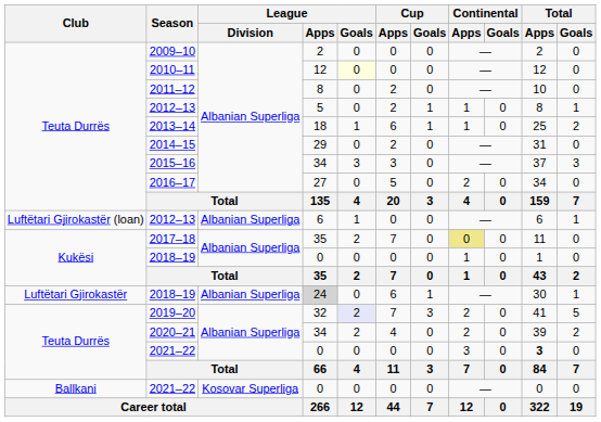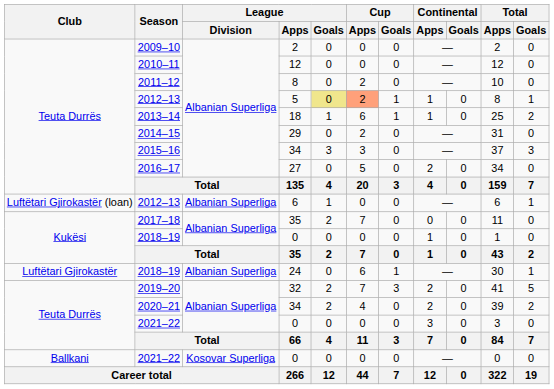 <table class="wikitable" style="text-align: center;">
 <tr>
 <th rowspan="2">Club</th>
 <th rowspan="2">Season</th>
 <th colspan="3">League</th>
 <th colspan="2">Cup</th>
 <th colspan="2">Continental</th>
 <th colspan="2">Total</th>
 </tr>
 <tr>
 <th>Division</th>
 <th>Apps</th>
 <th>Goals</th>
 <th>Apps</th>
 <th>Goals</th>
 <th>Apps</th>
 <th>Goals</th>
 <th>Apps</th>
 <th>Goals</th>
 </tr>
 <tr>
 <td rowspan="9"><a href='#'>Teuta Durrës</a></td>
 <td><a href='#'>2009–10</a></td>
 <td rowspan="8"><a href='#'>Albanian Superliga</a></td>
 <td>2</td>
 <td>0</td>
 <td>0</td>
 <td>0</td>
 <td colspan="2">—</td>
 <td>2</td>
 <td>0</td>
 </tr>
 <tr>
 <td><a href='#'>2010–11</a></td>
 <td>12</td>
-<td style="background: lightyellow;">0</td>
+<td>0</td>
 <td>0</td>
 <td>0</td>
 <td colspan="2">—</td>
 <td>12</td>
 <td>0</td>
 </tr>
 <tr>
 <td><a href='#'>2011–12</a></td>
 <td>8</td>
 <td>0</td>
 <td>2</td>
 <td>0</td>
 <td colspan="2">—</td>
 <td>10</td>
 <td>0</td>
 </tr>
 <tr>
 <td><a href='#'>2012–13</a></td>
 <td>5</td>
-<td>0</td>
-<td>2</td>
+<td style="background: khaki;">0</td>
+<td style="background: lightsalmon;">2</td>
 <td>1</td>
 <td>1</td>
 <td>0</td>
 <td>8</td>
 <td>1</td>
 </tr>
 <tr>
 <td><a href='#'>2013–14</a></td>
 <td>18</td>
 <td>1</td>
 <td>6</td>
 <td>1</td>
 <td>1</td>
 <td>0</td>
 <td>25</td>
 <td>2</td>
 </tr>
 <tr>
 <td><a href='#'>2014–15</a></td>
 <td>29</td>
 <td>0</td>
 <td>2</td>
 <td>0</td>
 <td colspan="2">—</td>
 <td>31</td>
 <td>0</td>
 </tr>
 <tr>
 <td><a href='#'>2015–16</a></td>
 <td>34</td>
 <td>3</td>
 <td>3</td>
 <td>0</td>
 <td colspan="2">—</td>
 <td>37</td>
 <td>3</td>
 </tr>
 <tr>
 <td><a href='#'>2016–17</a></td>
 <td>27</td>
 <td>0</td>
 <td>5</td>
 <td>0</td>
 <td>2</td>
 <td>0</td>
 <td>34</td>
 <td>0</td>
 </tr>
 <tr>
 <th colspan="2">Total</th>
 <th>135</th>
 <th>4</th>
 <th>20</th>
 <th>3</th>
 <th>4</th>
 <th>0</th>
 <th>159</th>
 <th>7</th>
 </tr>
 <tr>
 <td rowspan=1><a href='#'>Luftëtari Gjirokastër</a> (loan)</td>
 <td><a href='#'>2012–13</a></td>
 <td rowspan=1><a href='#'>Albanian Superliga</a></td>
 <td>6</td>
 <td>1</td>
 <td>0</td>
 <td>0</td>
 <td colspan="2">—</td>
 <td>6</td>
 <td>1</td>
 </tr>
 <tr>
 <td rowspan=3><a href='#'>Kukësi</a></td>
 <td><a href='#'>2017–18</a></td>
 <td rowspan=2><a href='#'>Albanian Superliga</a></td>
 <td>35</td>
 <td>2</td>
 <td>7</td>
 <td>0</td>
-<td style="background: khaki;">0</td>
+<td>0</td>
 <td>0</td>
 <td>11</td>
 <td>0</td>
 </tr>
 <tr>
 <td><a href='#'>2018–19</a></td>
 <td>0</td>
 <td>0</td>
 <td>0</td>
 <td>0</td>
 <td>1</td>
 <td>0</td>
 <td>1</td>
 <td>0</td>
 </tr>
 <tr>
 <th colspan="2" valign="center">Total</th>
 <th>35</th>
 <th>2</th>
 <th>7</th>
 <th>0</th>
 <th>1</th>
 <th>0</th>
 <th>43</th>
 <th>2</th>
 </tr>
 <tr>
 <td rowspan=1><a href='#'>Luftëtari Gjirokastër</a></td>
 <td><a href='#'>2018–19</a></td>
 <td rowspan=1><a href='#'>Albanian Superliga</a></td>
-<td style="background: lightgrey;">24</td>
+<td>24</td>
 <td>0</td>
 <td>6</td>
 <td>1</td>
 <td colspan="2">—</td>
 <td>30</td>
 <td>1</td>
 </tr>
 <tr>
 <td rowspan="4"><a href='#'>Teuta Durrës</a></td>
 <td><a href='#'>2019–20</a></td>
 <td rowspan="3"><a href='#'>Albanian Superliga</a></td>
 <td>32</td>
-<td style="background: lavender;">2</td>
+<td>2</td>
 <td>7</td>
 <td>3</td>
 <td>2</td>
 <td>0</td>
 <td>41</td>
 <td>5</td>
 </tr>
 <tr>
 <td><a href='#'>2020–21</a></td>
 <td>34</td>
 <td>2</td>
 <td>4</td>
 <td>0</td>
 <td>2</td>
 <td>0</td>
 <td>39</td>
 <td>2</td>
 </tr>
 <tr>
 <td><a href='#'>2021–22</a></td>
 <td>0</td>
 <td>0</td>
 <td>0</td>
 <td>0</td>
 <td>3</td>
 <td>0</td>
-<td><strong>3</strong></td>
+<td>3</td>
 <td>0</td>
 </tr>
 <tr>
 <th colspan="2">Total</th>
 <th>66</th>
 <th>4</th>
 <th>11</th>
 <th>3</th>
 <th>7</th>
 <th>0</th>
 <th>84</th>
 <th>7</th>
 </tr>
 <tr>
 <td rowspan=1><a href='#'>Ballkani</a></td>
 <td><a href='#'>2021–22</a></td>
 <td rowspan=1><a href='#'>Kosovar Superliga</a></td>
 <td>0</td>
 <td>0</td>
 <td>0</td>
 <td>0</td>
 <td colspan="2">—</td>
 <td>0</td>
 <td>0</td>
 </tr>
 <tr>
 <th colspan="3">Career total</th>
 <th>266</th>
 <th>12</th>
 <th>44</th>
 <th>7</th>
 <th>12</th>
 <th>0</th>
 <th>322</th>
 <th>19</th>
 </tr>
 </table>
